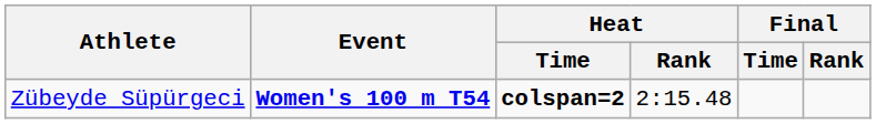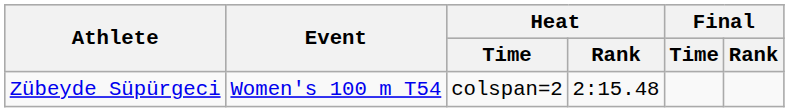 <table class=wikitable>
 <tr>
 <th rowspan="2">Athlete</th>
 <th rowspan="2">Event</th>
 <th colspan="2">Heat</th>
 <th colspan="2">Final</th>
 </tr>
 <tr>
 <th>Time</th>
 <th>Rank</th>
 <th>Time</th>
 <th>Rank</th>
 </tr>
 <tr align=center>
 <td align=left><a href='#'>Zübeyde Süpürgeci</a></td>
-<td align=left><strong><a href='#'>Women's 100 m T54</a></strong></td>
-<td><strong>colspan=2 </strong></td>
+<td align=left><a href='#'>Women's 100 m T54</a></td>
+<td>colspan=2 </td>
 <td>2:15.48</td>
 <td></td>
 </tr>
 </table>
